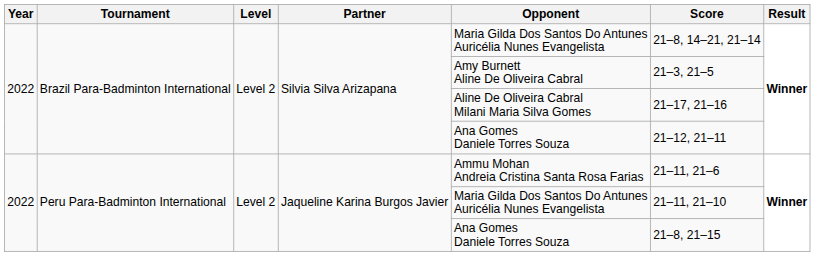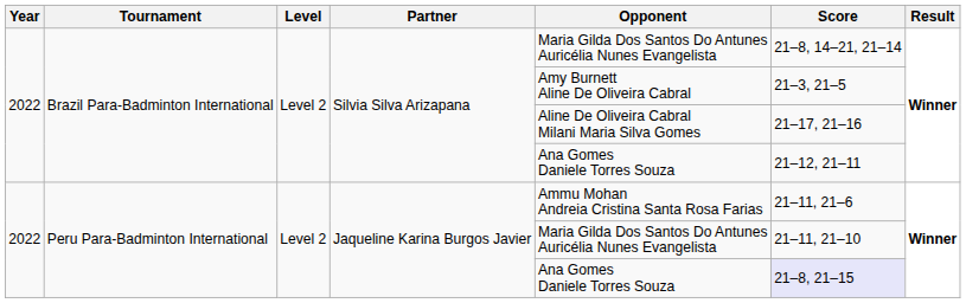 <table class="sortable wikitable" style="font-size: 90%;">
 <tr>
 <th>Year</th>
 <th>Tournament</th>
 <th>Level</th>
 <th>Partner</th>
 <th>Opponent</th>
 <th>Score</th>
 <th>Result</th>
 </tr>
 <tr>
 <td rowspan="4" align="center">2022</td>
 <td rowspan="4" align="left">Brazil Para-Badminton International</td>
 <td rowspan="4" align="left">Level 2</td>
 <td rowspan="4"> Silvia Silva Arizapana</td>
 <td align="left"> Maria Gilda Dos Santos Do Antunes<br> Auricélia Nunes Evangelista</td>
 <td align="left">21–8, 14–21, 21–14</td>
 <td rowspan="4" style="text-align:left; background:white"> <strong>Winner</strong></td>
 </tr>
 <tr>
 <td align="left"> Amy Burnett<br> Aline De Oliveira Cabral</td>
 <td align="left">21–3, 21–5</td>
 </tr>
 <tr>
 <td align="left"> Aline De Oliveira Cabral<br> Milani Maria Silva Gomes</td>
 <td align="left">21–17, 21–16</td>
 </tr>
 <tr>
 <td align="left"> Ana Gomes<br> Daniele Torres Souza</td>
 <td align="left">21–12, 21–11</td>
 </tr>
 <tr>
 <td rowspan="3" align="center">2022</td>
 <td rowspan="3" align="left">Peru Para-Badminton International</td>
 <td rowspan="3" align="left">Level 2</td>
 <td rowspan="3"> Jaqueline Karina Burgos Javier</td>
 <td align="left"> Ammu Mohan<br> Andreia Cristina Santa Rosa Farias</td>
 <td align="left">21–11, 21–6</td>
 <td rowspan="3" style="text-align:left; background:white"> <strong>Winner</strong></td>
 </tr>
 <tr>
 <td align="left"> Maria Gilda Dos Santos Do Antunes<br> Auricélia Nunes Evangelista</td>
 <td align="left">21–11, 21–10</td>
 </tr>
 <tr>
 <td align="left"> Ana Gomes<br> Daniele Torres Souza</td>
-<td align="left">21–8, 21–15</td>
+<td align="left" style="background: lavender;">21–8, 21–15</td>
 </tr>
 </table>
